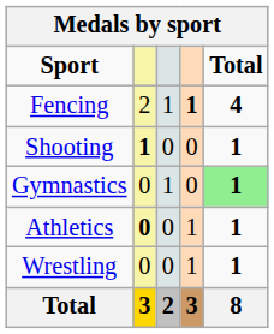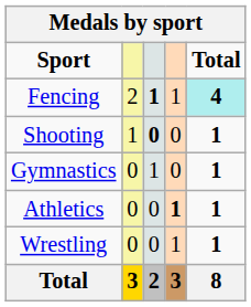 <table class="wikitable" style="font-size:85%; float:right;">
 <tr style="background:#efefef;">
 <th colspan=7>Medals by sport</th>
 </tr>
 <tr style="text-align:center">
 <td><strong>Sport</strong></td>
 <td bgcolor=#f7f6a8></td>
 <td bgcolor=#dce5e5></td>
 <td bgcolor=#ffdab9></td>
 <td><strong>Total</strong></td>
 </tr>
 <tr style="text-align:center">
 <td><a href='#'>Fencing</a></td>
 <td bgcolor=F7F6A8>2</td>
-<td bgcolor=DCE5E5>1</td>
-<td bgcolor=FFDAB9><strong>1</strong></td>
-<td><strong>4</strong></td>
+<td bgcolor=DCE5E5><strong>1</strong></td>
+<td bgcolor=FFDAB9>1</td>
+<td style="background: paleturquoise;"><strong>4</strong></td>
 </tr>
 <tr style="text-align:center">
 <td><a href='#'>Shooting</a></td>
-<td bgcolor=F7F6A8><strong>1</strong></td>
-<td bgcolor=DCE5E5>0</td>
+<td bgcolor=F7F6A8>1</td>
+<td bgcolor=DCE5E5><strong>0</strong></td>
 <td bgcolor=FFDAB9>0</td>
 <td><strong>1</strong></td>
 </tr>
 <tr style="text-align:center">
 <td><a href='#'>Gymnastics</a></td>
 <td bgcolor=F7F6A8>0</td>
 <td bgcolor=DCE5E5>1</td>
 <td bgcolor=FFDAB9>0</td>
-<td style="background: lightgreen;"><strong>1</strong></td>
+<td><strong>1</strong></td>
 </tr>
 <tr style="text-align:center">
 <td><a href='#'>Athletics</a></td>
-<td bgcolor=F7F6A8><strong>0</strong></td>
+<td bgcolor=F7F6A8>0</td>
 <td bgcolor=DCE5E5>0</td>
-<td bgcolor=FFDAB9>1</td>
+<td bgcolor=FFDAB9><strong>1</strong></td>
 <td><strong>1</strong></td>
 </tr>
 <tr style="text-align:center">
 <td><a href='#'>Wrestling</a></td>
 <td bgcolor=F7F6A8>0</td>
 <td bgcolor=DCE5E5>0</td>
 <td bgcolor=FFDAB9>1</td>
 <td><strong>1</strong></td>
 </tr>
 <tr style="text-align:center">
 <th>Total</th>
 <th style="background:gold">3</th>
 <th style="background:silver">2</th>
 <th style="background:#c96">3</th>
 <th>8</th>
 </tr>
 </table>
